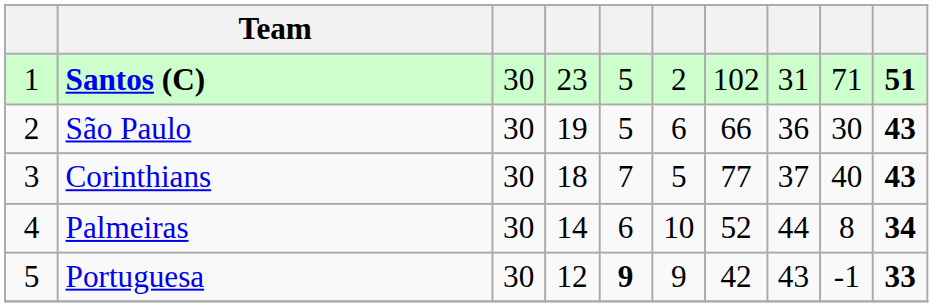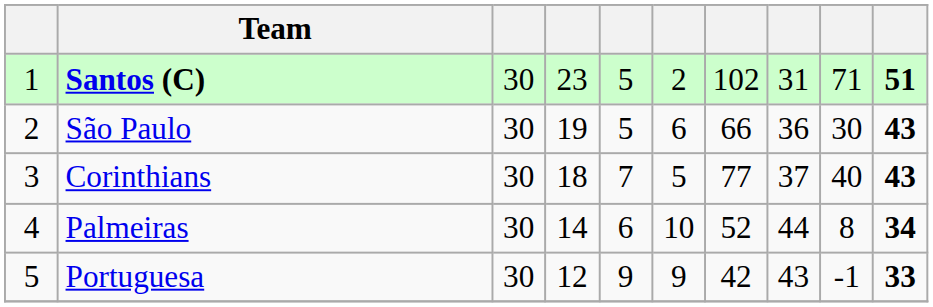 <table class="wikitable" style="text-align: center;">
 <tr>
 <th width="20"></th>
 <th width="215">Team</th>
 <th width="20"></th>
 <th width="20"></th>
 <th width="20"></th>
 <th width="20"></th>
 <th width="20"></th>
 <th width="20"></th>
 <th width="20"></th>
 <th width="20"></th>
 </tr>
 <tr bgcolor=#CCFFCC>
 <td>1</td>
 <td align=left><strong><a href='#'>Santos</a> (C)</strong></td>
 <td>30</td>
 <td>23</td>
 <td>5</td>
 <td>2</td>
 <td>102</td>
 <td>31</td>
 <td>71</td>
 <td><strong>51</strong></td>
 </tr>
 <tr>
 <td>2</td>
 <td align=left><a href='#'>São Paulo</a></td>
 <td>30</td>
 <td>19</td>
 <td>5</td>
 <td>6</td>
 <td>66</td>
 <td>36</td>
 <td>30</td>
 <td><strong>43</strong></td>
 </tr>
 <tr>
 <td>3</td>
 <td align=left><a href='#'>Corinthians</a></td>
 <td>30</td>
 <td>18</td>
 <td>7</td>
 <td>5</td>
 <td>77</td>
 <td>37</td>
 <td>40</td>
 <td><strong>43</strong></td>
 </tr>
 <tr>
 <td>4</td>
 <td align=left><a href='#'>Palmeiras</a></td>
 <td>30</td>
 <td>14</td>
 <td>6</td>
 <td>10</td>
 <td>52</td>
 <td>44</td>
 <td>8</td>
 <td><strong>34</strong></td>
 </tr>
 <tr>
 <td>5</td>
 <td align=left><a href='#'>Portuguesa</a></td>
 <td>30</td>
 <td>12</td>
-<td><strong>9</strong></td>
+<td>9</td>
 <td>9</td>
 <td>42</td>
 <td>43</td>
 <td>-1</td>
 <td><strong>33</strong></td>
 </tr>
 <tr>
 </tr>
 </table>
